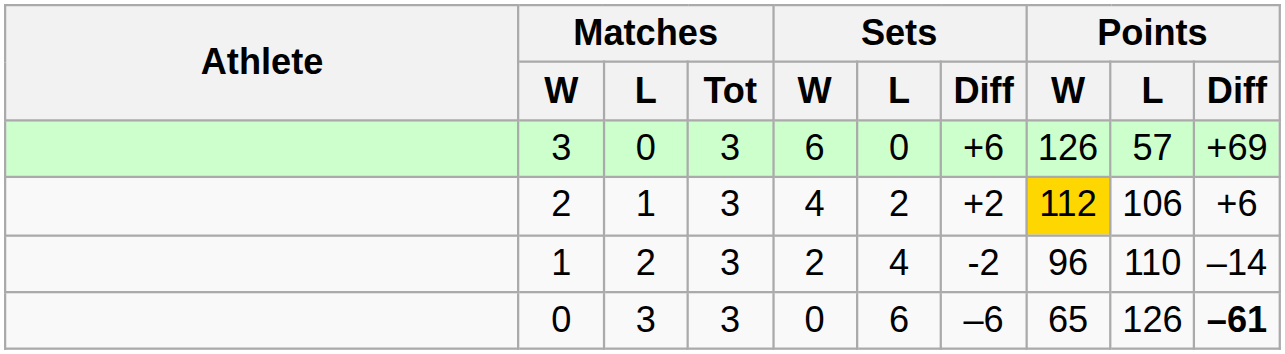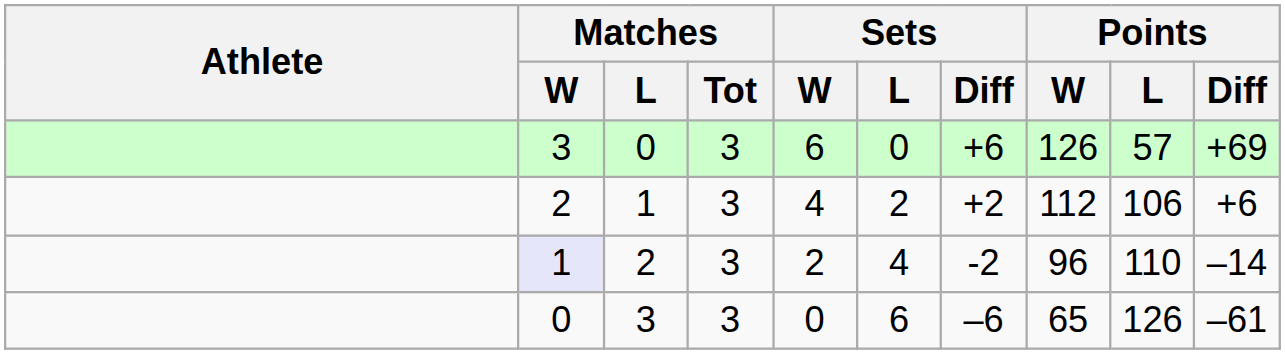 <table class=wikitable style="text-align:center">
 <tr>
 <th rowspan=2 width=220>Athlete</th>
 <th colspan=3 width=90>Matches</th>
 <th colspan=3 width=90>Sets</th>
 <th colspan=3 width=90>Points</th>
 </tr>
 <tr>
 <th width=30>W</th>
 <th width=30>L</th>
 <th width=30>Tot</th>
 <th width=30>W</th>
 <th width=30>L</th>
 <th width=30>Diff</th>
 <th width=30>W</th>
 <th width=30>L</th>
 <th width=30>Diff</th>
 </tr>
 <tr bgcolor=ccffcc>
 <td style="text-align:left"></td>
 <td>3</td>
 <td>0</td>
 <td>3</td>
 <td>6</td>
 <td>0</td>
 <td>+6</td>
 <td>126</td>
 <td>57</td>
 <td>+69</td>
 </tr>
 <tr>
 <td style="text-align:left"></td>
 <td>2</td>
 <td>1</td>
 <td>3</td>
 <td>4</td>
 <td>2</td>
 <td>+2</td>
-<td style="background: gold;">112</td>
+<td>112</td>
 <td>106</td>
 <td>+6</td>
 </tr>
 <tr>
 <td style="text-align:left"></td>
-<td>1</td>
+<td style="background: lavender;">1</td>
 <td>2</td>
 <td>3</td>
 <td>2</td>
 <td>4</td>
 <td>-2</td>
 <td>96</td>
 <td>110</td>
 <td>–14</td>
 </tr>
 <tr>
 <td style="text-align:left"></td>
 <td>0</td>
 <td>3</td>
 <td>3</td>
 <td>0</td>
 <td>6</td>
 <td>–6</td>
 <td>65</td>
 <td>126</td>
-<td><strong>–61</strong></td>
+<td>–61</td>
 </tr>
 </table>
